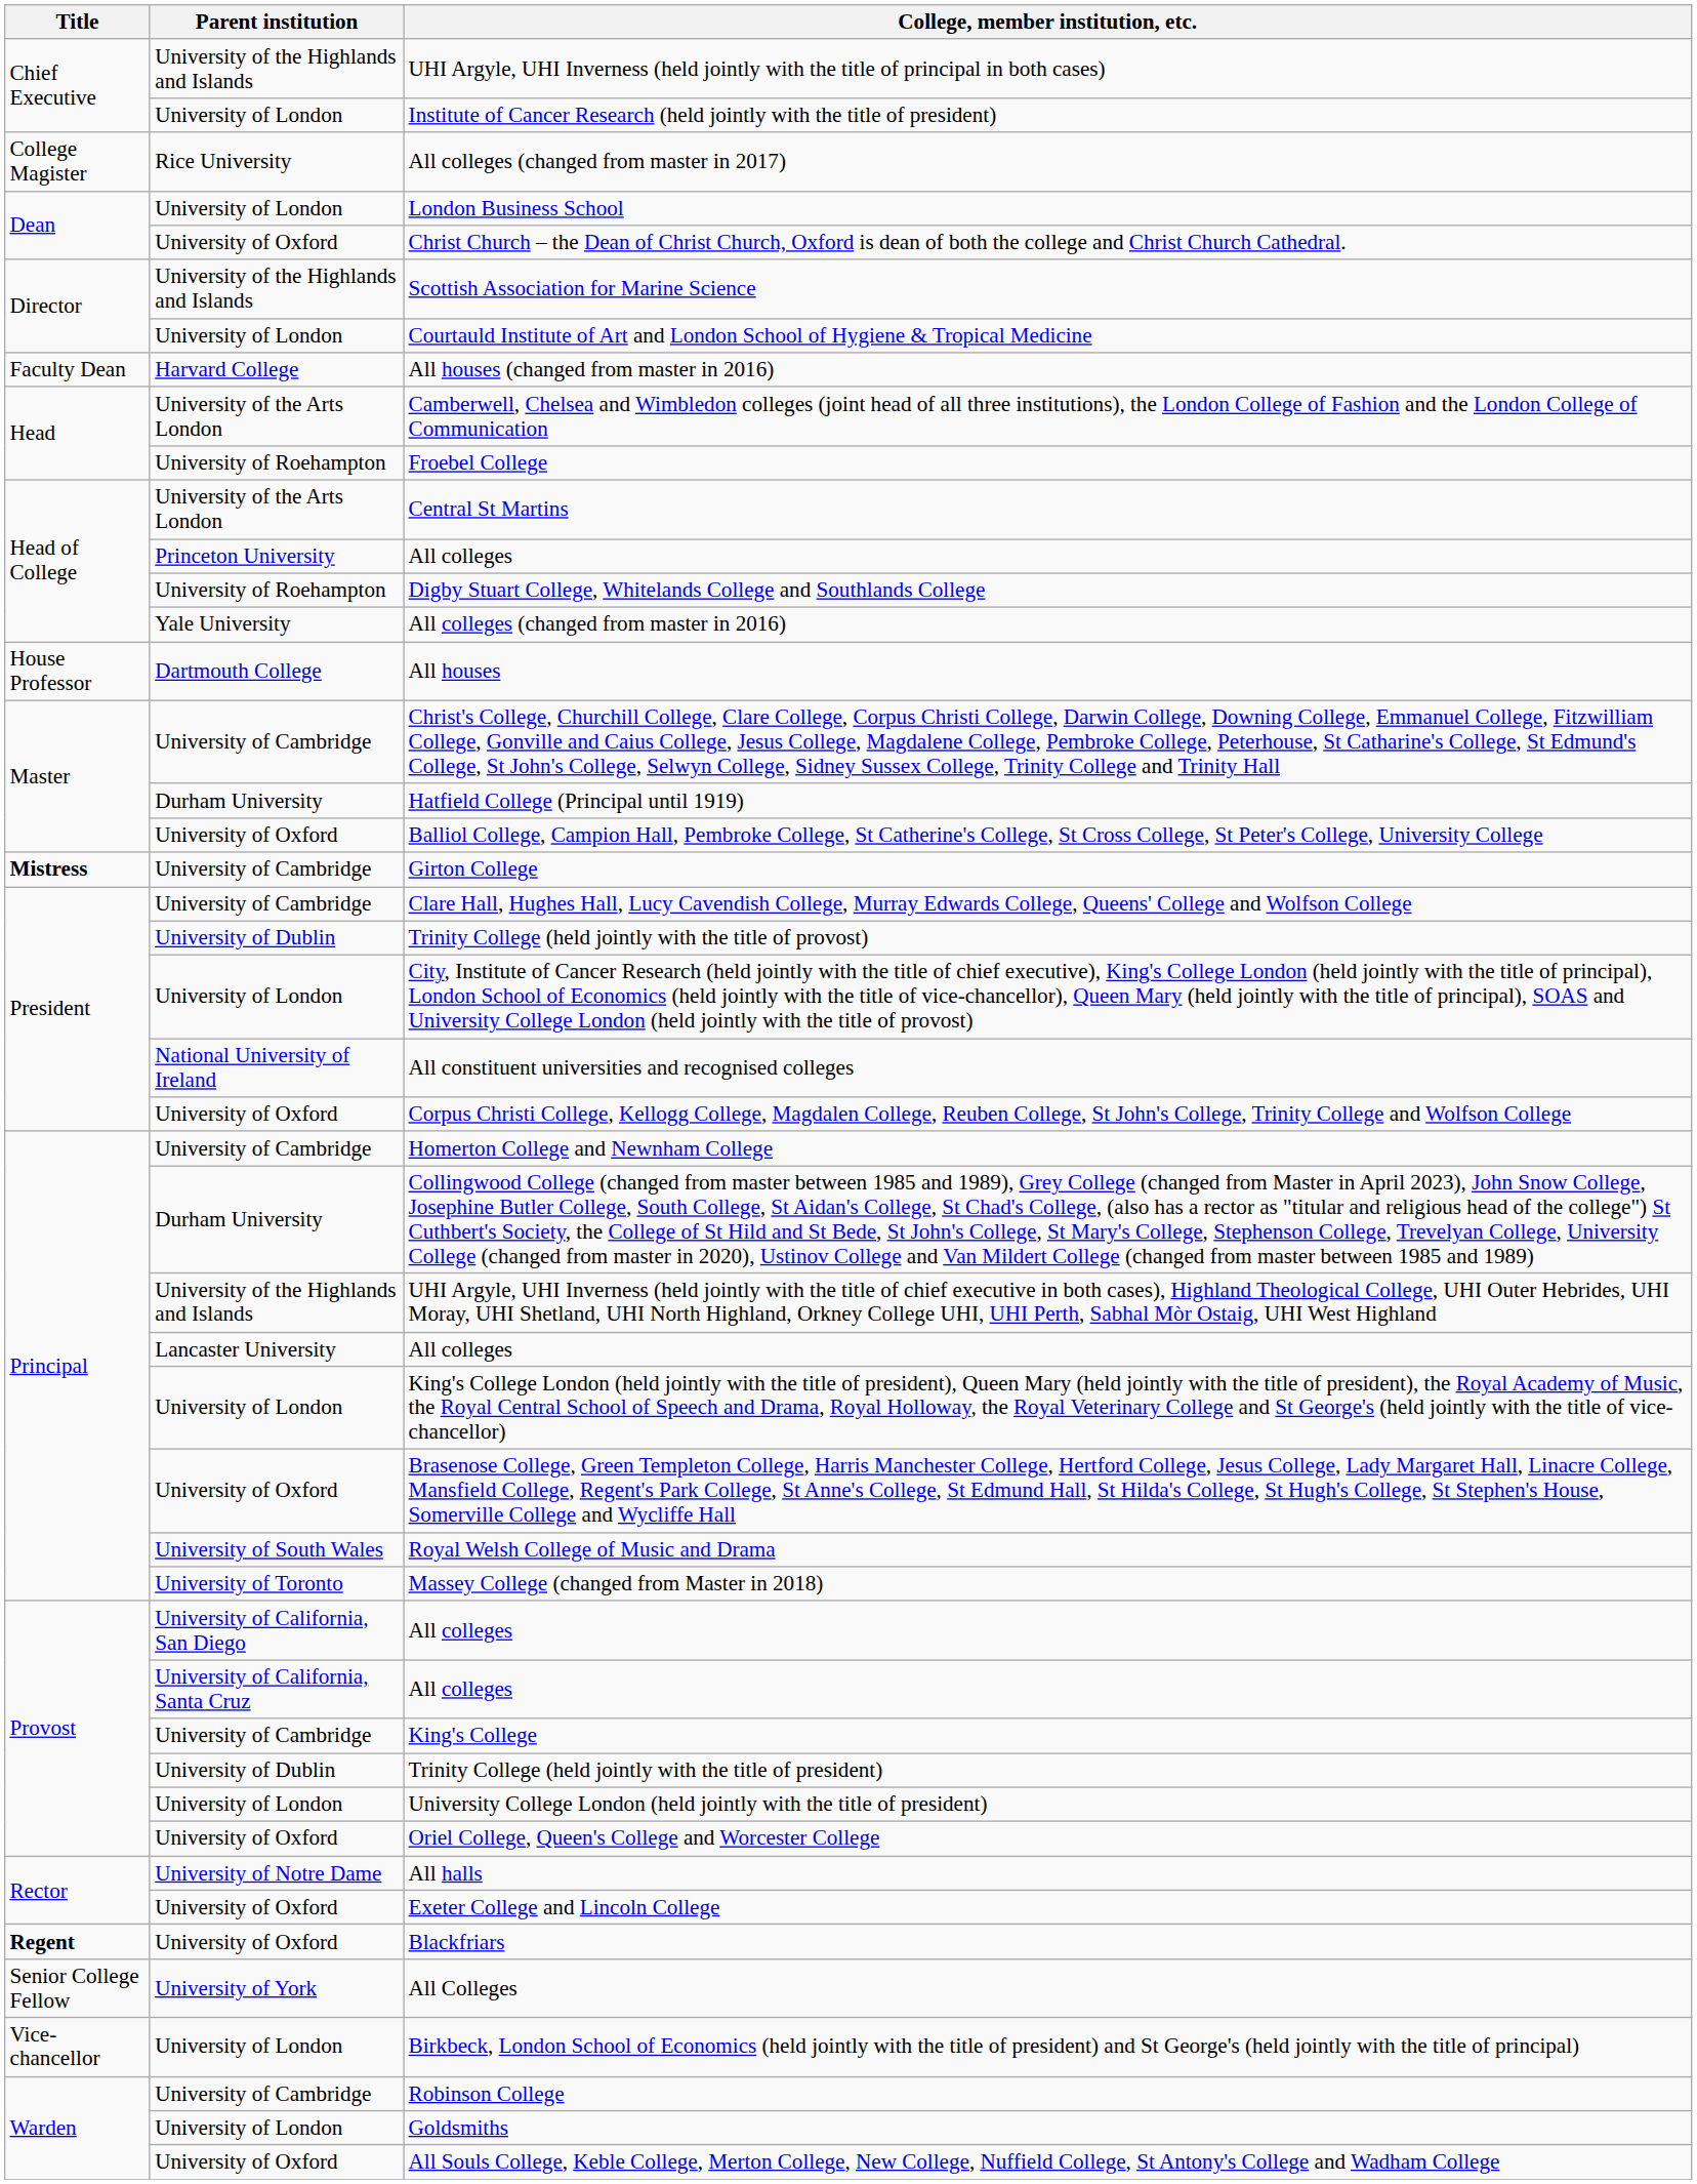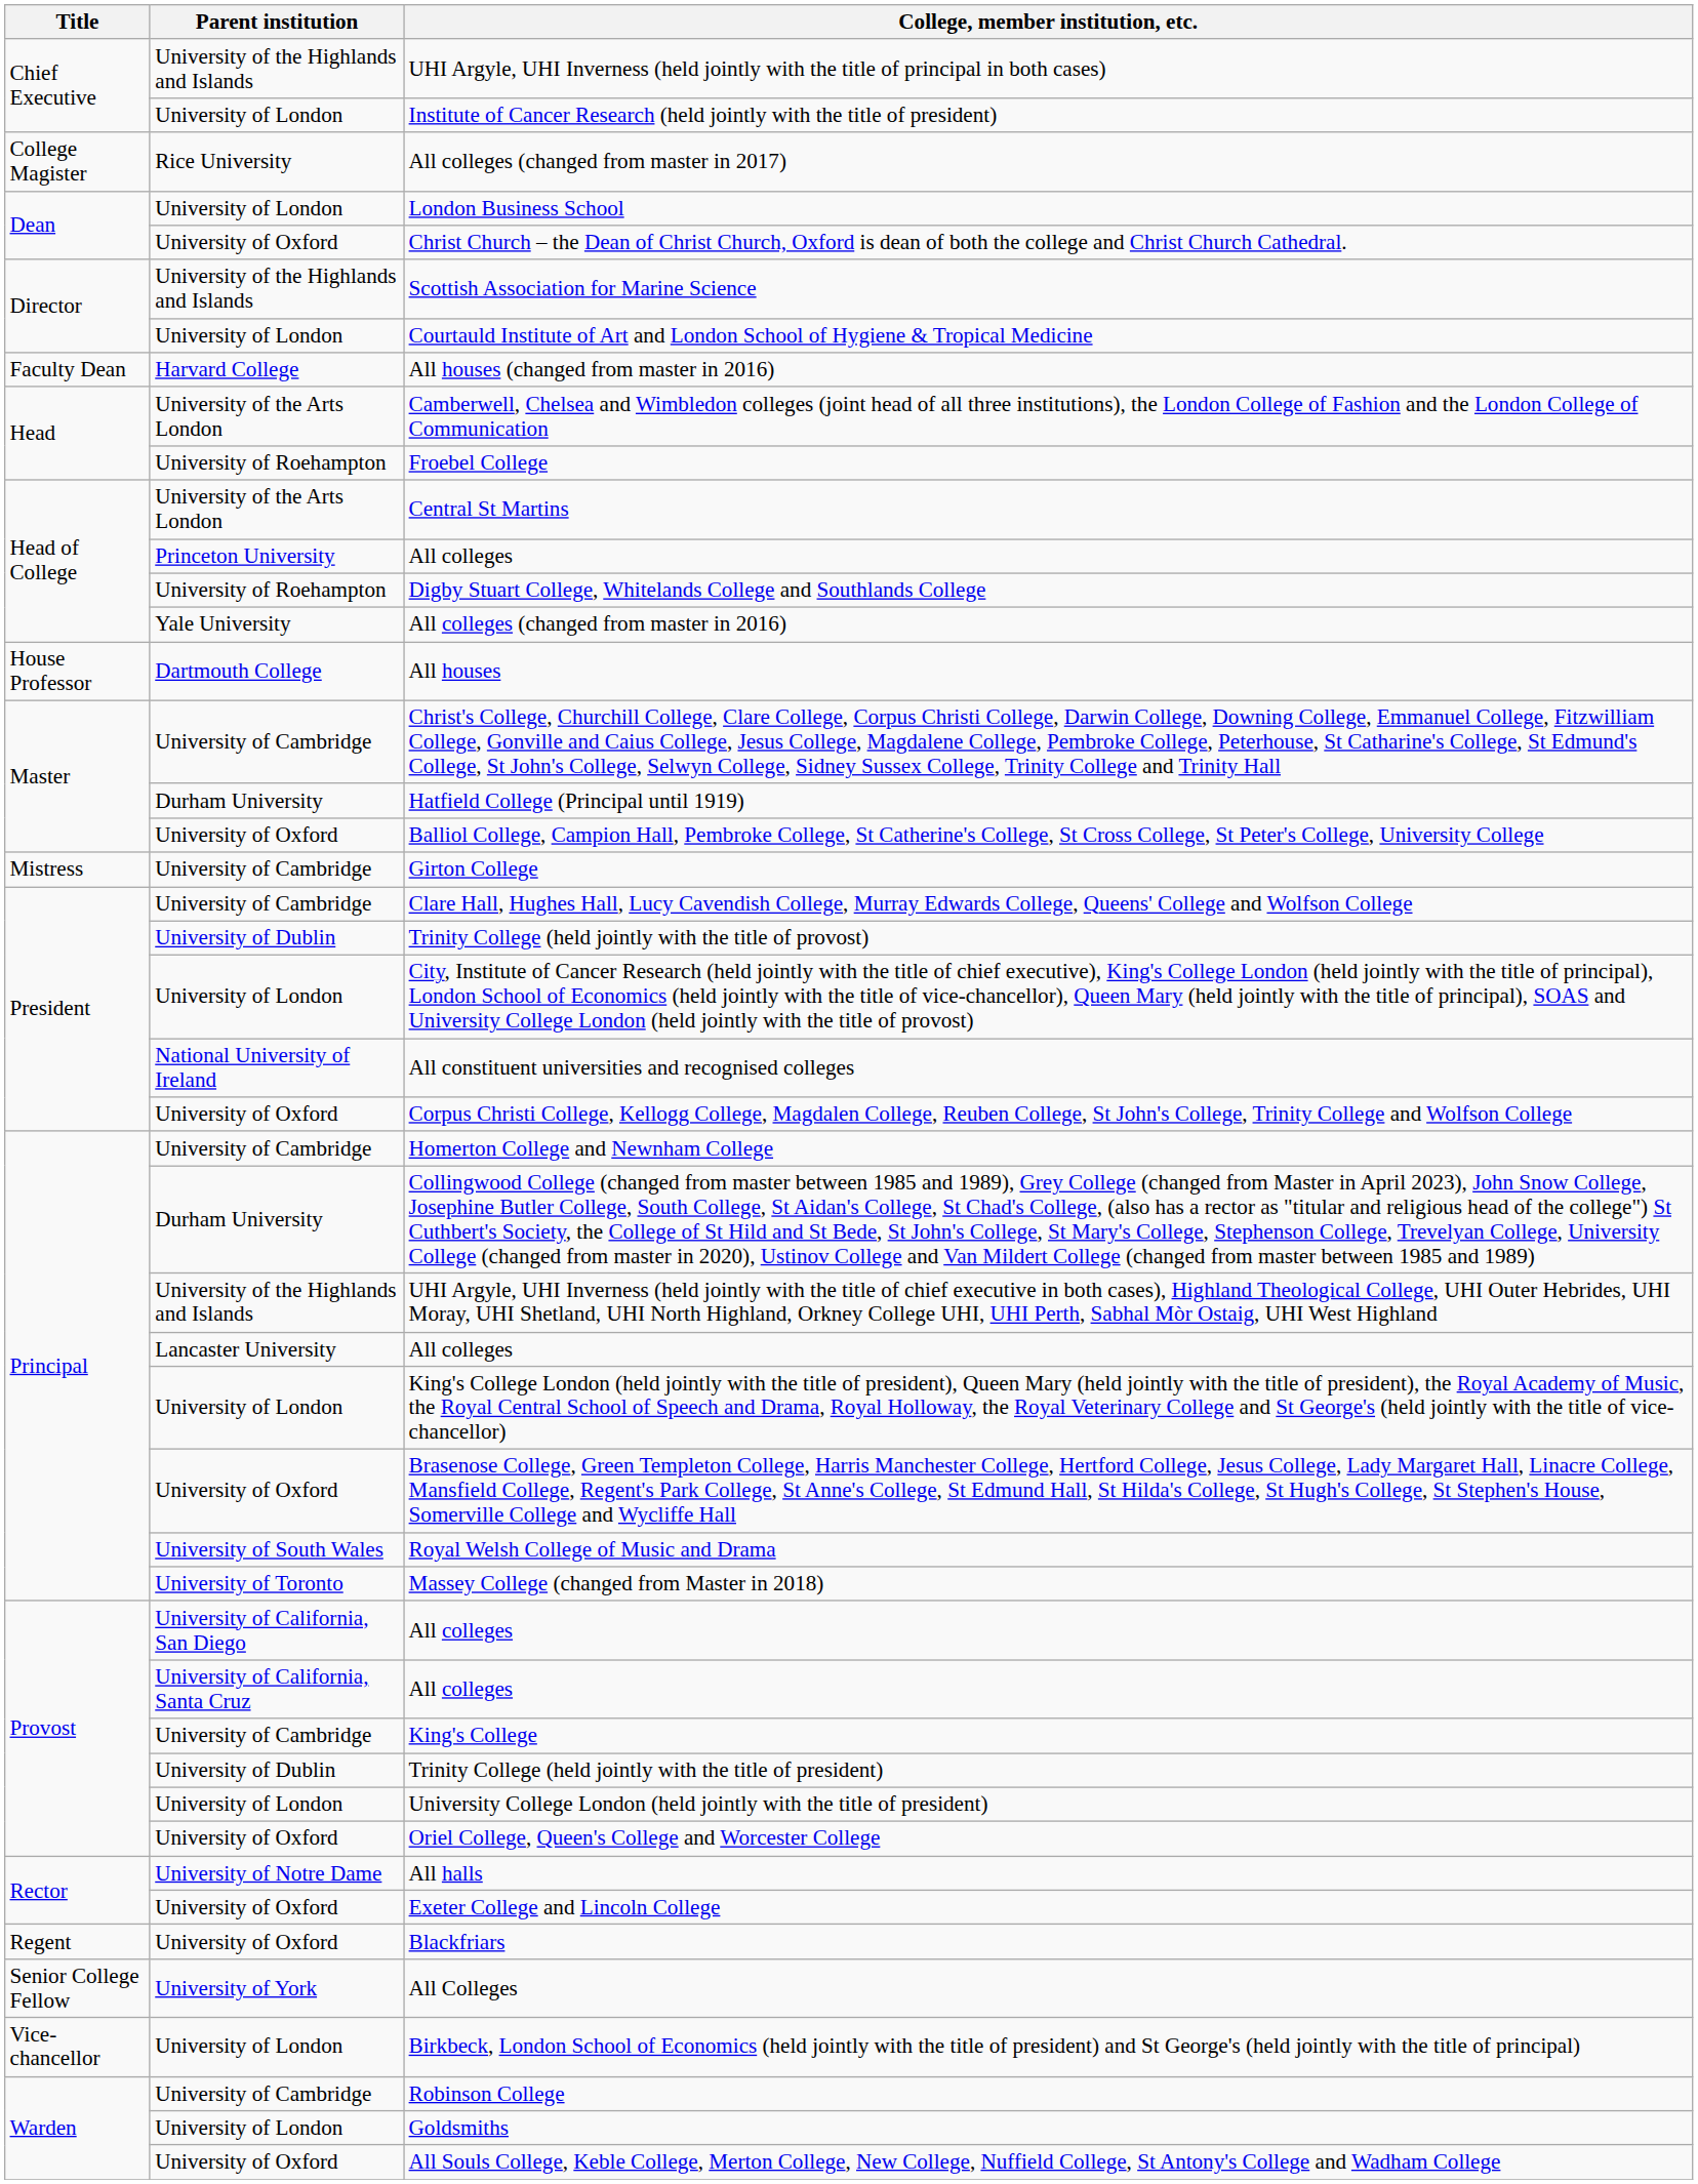 <table class="wikitable">
 <tr>
 <th width="100pt">Title</th>
 <th width="180pt">Parent institution</th>
 <th>College, member institution, etc.</th>
 </tr>
 <tr>
 <td rowspan="2">Chief Executive</td>
 <td>University of the Highlands and Islands</td>
 <td>UHI Argyle, UHI Inverness (held jointly with the title of principal in both cases)</td>
 </tr>
 <tr>
 <td>University of London</td>
 <td><a href='#'>Institute of Cancer Research</a> (held jointly with the title of president)</td>
 </tr>
 <tr>
 <td>College Magister</td>
 <td>Rice University</td>
 <td>All colleges (changed from master in 2017)</td>
 </tr>
 <tr>
 <td rowspan="2"><a href='#'>Dean</a></td>
 <td>University of London</td>
 <td><a href='#'>London Business School</a></td>
 </tr>
 <tr>
 <td>University of Oxford</td>
 <td><a href='#'>Christ Church</a> – the <a href='#'>Dean of Christ Church, Oxford</a> is dean of both the college and <a href='#'>Christ Church Cathedral</a>.</td>
 </tr>
 <tr>
 <td rowspan="2">Director</td>
 <td>University of the Highlands and Islands</td>
 <td><a href='#'>Scottish Association for Marine Science</a></td>
 </tr>
 <tr>
 <td>University of London</td>
 <td><a href='#'>Courtauld Institute of Art</a> and <a href='#'>London School of Hygiene & Tropical Medicine</a></td>
 </tr>
 <tr>
 <td>Faculty Dean</td>
 <td><a href='#'>Harvard College</a></td>
 <td>All <a href='#'>houses</a> (changed from master in 2016)</td>
 </tr>
 <tr>
 <td rowspan=2>Head</td>
 <td>University of the Arts London</td>
 <td><a href='#'>Camberwell</a>, <a href='#'>Chelsea</a> and <a href='#'>Wimbledon</a> colleges (joint head of all three institutions), the <a href='#'>London College of Fashion</a> and the <a href='#'>London College of Communication</a></td>
 </tr>
 <tr>
 <td>University of Roehampton</td>
 <td><a href='#'>Froebel College</a></td>
 </tr>
 <tr>
 <td rowspan="4">Head of College</td>
 <td>University of the Arts London</td>
 <td><a href='#'>Central St Martins</a></td>
 </tr>
 <tr>
 <td><a href='#'>Princeton University</a></td>
 <td>All colleges</td>
 </tr>
 <tr>
 <td>University of Roehampton</td>
 <td><a href='#'>Digby Stuart College</a>, <a href='#'>Whitelands College</a> and <a href='#'>Southlands College</a></td>
 </tr>
 <tr>
 <td>Yale University</td>
 <td>All <a href='#'>colleges</a> (changed from master in 2016)</td>
 </tr>
 <tr>
 <td>House Professor</td>
 <td><a href='#'>Dartmouth College</a></td>
 <td>All <a href='#'>houses</a></td>
 </tr>
 <tr>
 <td rowspan="3">Master</td>
 <td>University of Cambridge</td>
 <td><a href='#'>Christ's College</a>, <a href='#'>Churchill College</a>, <a href='#'>Clare College</a>, <a href='#'>Corpus Christi College</a>, <a href='#'>Darwin College</a>, <a href='#'>Downing College</a>, <a href='#'>Emmanuel College</a>, <a href='#'>Fitzwilliam College</a>, <a href='#'>Gonville and Caius College</a>, <a href='#'>Jesus College</a>, <a href='#'>Magdalene College</a>, <a href='#'>Pembroke College</a>, <a href='#'>Peterhouse</a>, <a href='#'>St Catharine's College</a>, <a href='#'>St Edmund's College</a>, <a href='#'>St John's College</a>, <a href='#'>Selwyn College</a>, <a href='#'>Sidney Sussex College</a>, <a href='#'>Trinity College</a> and <a href='#'>Trinity Hall</a></td>
 </tr>
 <tr>
 <td>Durham University</td>
 <td><a href='#'>Hatfield College</a> (Principal until 1919)</td>
 </tr>
 <tr>
 <td>University of Oxford</td>
 <td><a href='#'>Balliol College</a>, <a href='#'>Campion Hall</a>, <a href='#'>Pembroke College</a>, <a href='#'>St Catherine's College</a>, <a href='#'>St Cross College</a>, <a href='#'>St Peter's College</a>, <a href='#'>University College</a></td>
 </tr>
 <tr>
-<td><strong>Mistress</strong></td>
+<td>Mistress</td>
 <td>University of Cambridge</td>
 <td><a href='#'>Girton College</a></td>
 </tr>
 <tr>
 <td rowspan="5">President</td>
 <td>University of Cambridge</td>
 <td><a href='#'>Clare Hall</a>, <a href='#'>Hughes Hall</a>, <a href='#'>Lucy Cavendish College</a>, <a href='#'>Murray Edwards College</a>, <a href='#'>Queens' College</a> and <a href='#'>Wolfson College</a></td>
 </tr>
 <tr>
 <td><a href='#'>University of Dublin</a></td>
 <td><a href='#'>Trinity College</a> (held jointly with the title of provost)</td>
 </tr>
 <tr>
 <td>University of London</td>
 <td><a href='#'>City</a>,  Institute of Cancer Research (held jointly with the title of chief executive), <a href='#'>King's College London</a> (held jointly with the title of principal), <a href='#'>London School of Economics</a> (held jointly with the title of vice-chancellor), <a href='#'>Queen Mary</a> (held jointly with the title of principal), <a href='#'>SOAS</a> and <a href='#'>University College London</a> (held jointly with the title of provost)</td>
 </tr>
 <tr>
 <td><a href='#'>National University of Ireland</a></td>
 <td>All constituent universities and recognised colleges</td>
 </tr>
 <tr>
 <td>University of Oxford</td>
 <td><a href='#'>Corpus Christi College</a>, <a href='#'>Kellogg College</a>, <a href='#'>Magdalen College</a>, <a href='#'>Reuben College</a>, <a href='#'>St John's College</a>, <a href='#'>Trinity College</a> and <a href='#'>Wolfson College</a></td>
 </tr>
 <tr>
 <td rowspan="8"><a href='#'>Principal</a></td>
 <td>University of Cambridge</td>
 <td><a href='#'>Homerton College</a> and <a href='#'>Newnham College</a></td>
 </tr>
 <tr>
 <td>Durham University</td>
 <td><a href='#'>Collingwood College</a> (changed from master between 1985 and 1989), <a href='#'>Grey College</a> (changed from Master in April 2023), <a href='#'>John Snow College</a>, <a href='#'>Josephine Butler College</a>, <a href='#'>South College</a>, <a href='#'>St Aidan's College</a>, <a href='#'>St Chad's College</a>, (also has a rector as "titular and religious head of the college") <a href='#'>St Cuthbert's Society</a>, the <a href='#'>College of St Hild and St Bede</a>, <a href='#'>St John's College</a>, <a href='#'>St Mary's College</a>, <a href='#'>Stephenson College</a>, <a href='#'>Trevelyan College</a>, <a href='#'>University College</a> (changed from master in 2020), <a href='#'>Ustinov College</a> and <a href='#'>Van Mildert College</a> (changed from master between 1985 and 1989)</td>
 </tr>
 <tr>
 <td>University of the Highlands and Islands</td>
 <td>UHI Argyle, UHI Inverness (held jointly with the title of chief executive in both cases), <a href='#'>Highland Theological College</a>, UHI Outer Hebrides, UHI Moray, UHI Shetland, UHI North Highland, Orkney College UHI, <a href='#'>UHI Perth</a>, <a href='#'>Sabhal Mòr Ostaig</a>, UHI West Highland</td>
 </tr>
 <tr>
 <td>Lancaster University</td>
 <td>All colleges</td>
 </tr>
 <tr>
 <td>University of London</td>
 <td>King's College London (held jointly with the title of president), Queen Mary (held jointly with the title of president), the <a href='#'>Royal Academy of Music</a>, the <a href='#'>Royal Central School of Speech and Drama</a>, <a href='#'>Royal Holloway</a>, the <a href='#'>Royal Veterinary College</a> and <a href='#'>St George's</a> (held jointly with the title of vice-chancellor)</td>
 </tr>
 <tr>
 <td>University of Oxford</td>
 <td><a href='#'>Brasenose College</a>, <a href='#'>Green Templeton College</a>, <a href='#'>Harris Manchester College</a>, <a href='#'>Hertford College</a>, <a href='#'>Jesus College</a>, <a href='#'>Lady Margaret Hall</a>, <a href='#'>Linacre College</a>, <a href='#'>Mansfield College</a>, <a href='#'>Regent's Park College</a>, <a href='#'>St Anne's College</a>, <a href='#'>St Edmund Hall</a>, <a href='#'>St Hilda's College</a>, <a href='#'>St Hugh's College</a>, <a href='#'>St Stephen's House</a>, <a href='#'>Somerville College</a> and <a href='#'>Wycliffe Hall</a></td>
 </tr>
 <tr>
 <td><a href='#'>University of South Wales</a></td>
 <td><a href='#'>Royal Welsh College of Music and Drama</a></td>
 </tr>
 <tr>
 <td><a href='#'>University of Toronto</a></td>
 <td><a href='#'>Massey College</a> (changed from Master in 2018)</td>
 </tr>
 <tr>
 <td rowspan="6"><a href='#'>Provost</a></td>
 <td><a href='#'>University of California, San Diego</a></td>
 <td>All <a href='#'>colleges</a></td>
 </tr>
 <tr>
 <td><a href='#'>University of California, Santa Cruz</a></td>
 <td>All <a href='#'>colleges</a></td>
 </tr>
 <tr>
 <td>University of Cambridge</td>
 <td><a href='#'>King's College</a></td>
 </tr>
 <tr>
 <td>University of Dublin</td>
 <td>Trinity College (held jointly with the title of president)</td>
 </tr>
 <tr>
 <td>University of London</td>
 <td>University College London (held jointly with the title of president)</td>
 </tr>
 <tr>
 <td>University of Oxford</td>
 <td><a href='#'>Oriel College</a>, <a href='#'>Queen's College</a> and <a href='#'>Worcester College</a></td>
 </tr>
 <tr>
 <td rowspan="2"><a href='#'>Rector</a></td>
 <td><a href='#'>University of Notre Dame</a></td>
 <td>All <a href='#'>halls</a></td>
 </tr>
 <tr>
 <td>University of Oxford</td>
 <td><a href='#'>Exeter College</a> and <a href='#'>Lincoln College</a></td>
 </tr>
 <tr>
-<td><strong>Regent</strong></td>
+<td>Regent</td>
 <td>University of Oxford</td>
 <td><a href='#'>Blackfriars</a></td>
 </tr>
 <tr>
 <td>Senior College Fellow</td>
 <td><a href='#'>University of York</a></td>
 <td>All Colleges</td>
 </tr>
 <tr>
 <td>Vice-chancellor</td>
 <td>University of London</td>
 <td><a href='#'>Birkbeck</a>, <a href='#'>London School of Economics</a> (held jointly with the title of president) and St George's (held jointly with the title of principal)</td>
 </tr>
 <tr>
 <td rowspan="3"><a href='#'>Warden</a></td>
 <td>University of Cambridge</td>
 <td><a href='#'>Robinson College</a></td>
 </tr>
 <tr>
 <td>University of London</td>
 <td><a href='#'>Goldsmiths</a></td>
 </tr>
 <tr>
 <td>University of Oxford</td>
 <td><a href='#'>All Souls College</a>, <a href='#'>Keble College</a>, <a href='#'>Merton College</a>, <a href='#'>New College</a>, <a href='#'>Nuffield College</a>, <a href='#'>St Antony's College</a> and <a href='#'>Wadham College</a></td>
 </tr>
 </table>
